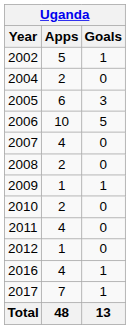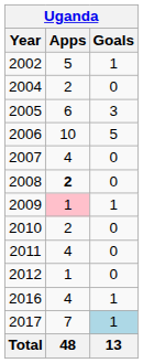 <table class="wikitable" style="text-align:center">
 <tr>
 <th colspan="3"><a href='#'>Uganda</a></th>
 </tr>
 <tr>
 <th>Year</th>
 <th>Apps</th>
 <th>Goals</th>
 </tr>
 <tr>
 <td>2002</td>
 <td>5</td>
 <td>1</td>
 </tr>
 <tr>
 <td>2004</td>
 <td>2</td>
 <td>0</td>
 </tr>
 <tr>
 <td>2005</td>
 <td>6</td>
 <td>3</td>
 </tr>
 <tr>
 <td>2006</td>
 <td>10</td>
 <td>5</td>
 </tr>
 <tr>
 <td>2007</td>
 <td>4</td>
 <td>0</td>
 </tr>
 <tr>
 <td>2008</td>
-<td>2</td>
+<td><strong>2</strong></td>
 <td>0</td>
 </tr>
 <tr>
 <td>2009</td>
-<td>1</td>
+<td style="background: pink;">1</td>
 <td>1</td>
 </tr>
 <tr>
 <td>2010</td>
 <td>2</td>
 <td>0</td>
 </tr>
 <tr>
 <td>2011</td>
 <td>4</td>
 <td>0</td>
 </tr>
 <tr>
 <td>2012</td>
 <td>1</td>
 <td>0</td>
 </tr>
 <tr>
 <td>2016</td>
 <td>4</td>
 <td>1</td>
 </tr>
 <tr>
 <td>2017</td>
 <td>7</td>
-<td>1</td>
+<td style="background: lightblue;">1</td>
 </tr>
 <tr>
 <th>Total</th>
 <th>48</th>
 <th>13</th>
 </tr>
 </table>
